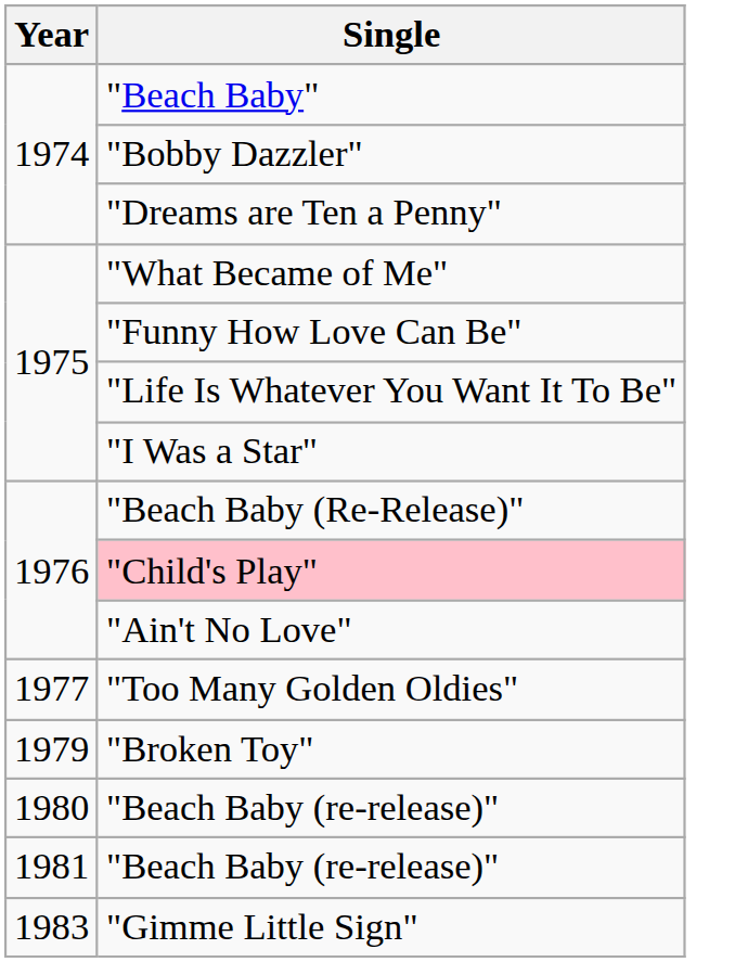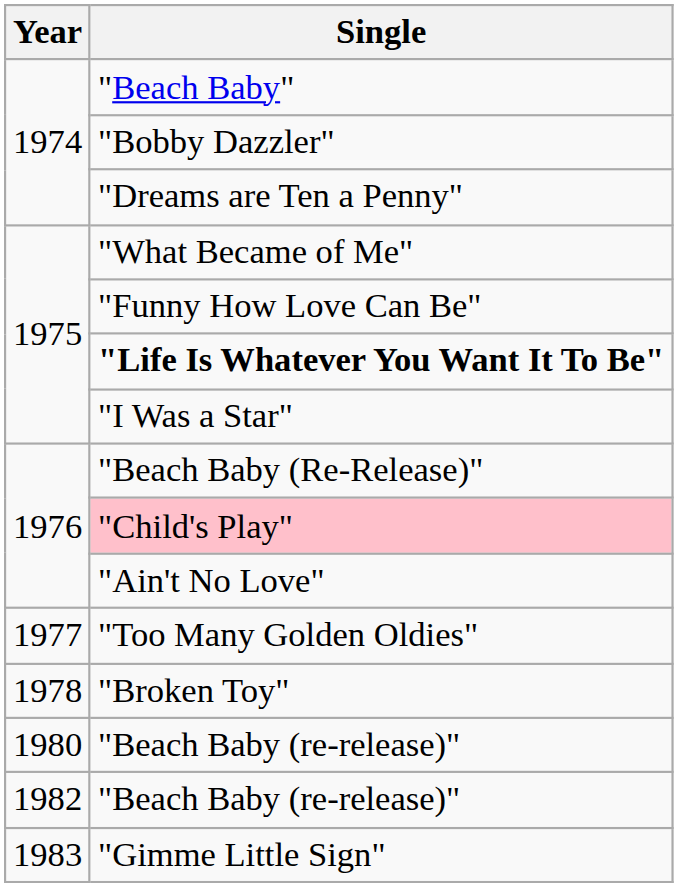 <table class="wikitable">
 <tr>
 <th>Year</th>
 <th>Single</th>
 </tr>
 <tr>
 <td rowspan="3">1974</td>
 <td>"<a href='#'>Beach Baby</a>"</td>
 </tr>
 <tr>
 <td>"Bobby Dazzler"</td>
 </tr>
 <tr>
 <td>"Dreams are Ten a Penny"</td>
 </tr>
 <tr>
 <td rowspan="4">1975</td>
 <td>"What Became of Me"</td>
 </tr>
 <tr>
 <td>"Funny How Love Can Be"</td>
 </tr>
 <tr>
-<td>"Life Is Whatever You Want It To Be"</td>
+<td><strong>"Life Is Whatever You Want It To Be"</strong></td>
 </tr>
 <tr>
 <td>"I Was a Star"</td>
 </tr>
 <tr>
 <td rowspan="3">1976</td>
 <td>"Beach Baby (Re-Release)"</td>
 </tr>
 <tr>
 <td style="background: pink;">"Child's Play"</td>
 </tr>
 <tr>
 <td>"Ain't No Love"</td>
 </tr>
 <tr>
 <td>1977</td>
 <td>"Too Many Golden Oldies"</td>
 </tr>
 <tr>
-<td>1979</td>
+<td>1978</td>
 <td>"Broken Toy"</td>
 </tr>
 <tr>
 <td>1980</td>
 <td>"Beach Baby (re-release)"</td>
 </tr>
 <tr>
-<td>1981</td>
+<td>1982</td>
 <td>"Beach Baby (re-release)"</td>
 </tr>
 <tr>
 <td rowspan="1">1983</td>
 <td>"Gimme Little Sign"</td>
 </tr>
 </table>
